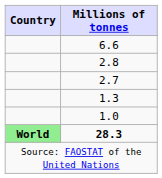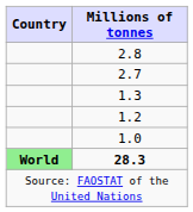 <table class="wikitable" style="float:right; clear:right; width:14em; text-align:center; margin-right:1em;">
 <tr>
 <th style="background:#ddf;">Country</th>
 <th style="background:#ddf;">Millions of <a href='#'>tonnes</a></th>
-</tr>
-<tr>
-<td style="text-align:left;"></td>
-<td>6.6</td>
 </tr>
 <tr>
 <td style="text-align:left;"></td>
 <td>2.8</td>
 </tr>
 <tr>
 <td style="text-align:left;"></td>
 <td>2.7</td>
 </tr>
 <tr>
 <td style="text-align:left;"></td>
 <td>1.3</td>
 </tr>
 <tr>
 <td style="text-align:left;"></td>
+<td>1.2</td>
+</tr>
+<tr>
+<td style="text-align:left;"></td>
 <td>1.0</td>
 </tr>
 <tr>
 <td style="background: lightgreen;"><strong>World</strong></td>
 <td><strong>28.3</strong></td>
 </tr>
 <tr>
 <td colspan=2><small>Source: <a href='#'>FAOSTAT</a> of the <a href='#'>United Nations</a></small></td>
 </tr>
 </table>
